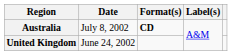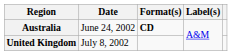 <table class="wikitable plainrowheaders">
 <tr>
 <th scope="col">Region</th>
 <th scope="col">Date</th>
 <th scope="col">Format(s)</th>
 <th scope="col">Label(s)</th>
 <th scope="col"></th>
 </tr>
 <tr>
 <th scope="row">Australia</th>
-<td>July 8, 2002</td>
+<td>June 24, 2002</td>
 <td><strong>CD</strong></td>
 <td rowspan="2"><a href='#'>A&M</a></td>
 <td></td>
 </tr>
 <tr>
 <th scope="row">United Kingdom</th>
-<td>June 24, 2002</td>
+<td>July 8, 2002</td>
 <td></td>
 <td></td>
 </tr>
 </table>
